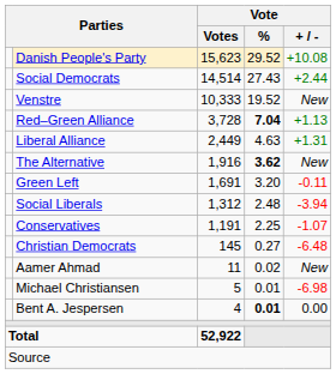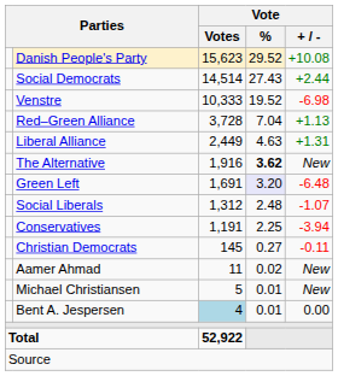 <table class="wikitable" style="text-align:right;">
 <tr>
 <th style="text-align:centre;" rowspan="2" colspan="2" width="225">Parties</th>
 <th colspan="3">Vote</th>
 </tr>
 <tr>
 <th width="15">Votes</th>
 <th width="15">%</th>
 <th width="15">+ / -</th>
 </tr>
 <tr>
 <td width="2" style="color:inherit;background:"></td>
 <td bgcolor=#fef2cc  align="left"><a href='#'>Danish People's Party</a></td>
 <td bgcolor=#fef2cc>15,623</td>
 <td bgcolor=#fef2cc>29.52</td>
 <td style=color:green;>+10.08</td>
 </tr>
 <tr>
 <td width="2" style="color:inherit;background:"></td>
 <td align="left"><a href='#'>Social Democrats</a></td>
 <td>14,514</td>
 <td>27.43</td>
 <td style=color:green;>+2.44</td>
 </tr>
 <tr>
 <td width="2" style="color:inherit;background:"></td>
 <td align="left"><a href='#'>Venstre</a></td>
 <td>10,333</td>
 <td>19.52</td>
-<td><em>New</em></td>
+<td style=color:red;>-6.98</td>
 </tr>
 <tr>
 <td width="2" style="color:inherit;background:"></td>
 <td align="left"><a href='#'>Red–Green Alliance</a></td>
 <td>3,728</td>
-<td><strong>7.04</strong></td>
+<td>7.04</td>
 <td style=color:green;>+1.13</td>
 </tr>
 <tr>
 <td width="2" style="color:inherit;background:"></td>
 <td align="left"><a href='#'>Liberal Alliance</a></td>
 <td>2,449</td>
 <td>4.63</td>
 <td style=color:green;>+1.31</td>
 </tr>
 <tr>
 <td width="2" style="color:inherit;background:"></td>
 <td align="left"><a href='#'>The Alternative</a></td>
 <td>1,916</td>
 <td><strong>3.62</strong></td>
 <td><em>New</em></td>
 </tr>
 <tr>
 <td width="2" style="color:inherit;background:"></td>
 <td align="left"><a href='#'>Green Left</a></td>
 <td>1,691</td>
-<td>3.20</td>
-<td style=color:red;>-0.11</td>
+<td style="background: lavender;">3.20</td>
+<td style=color:red;>-6.48</td>
 </tr>
 <tr>
 <td width="2" style="color:inherit;background:"></td>
 <td align="left"><a href='#'>Social Liberals</a></td>
 <td>1,312</td>
 <td>2.48</td>
-<td style=color:red;>-3.94</td>
+<td style=color:red;>-1.07</td>
 </tr>
 <tr>
 <td width="2" style="color:inherit;background:"></td>
 <td align="left"><a href='#'>Conservatives</a></td>
 <td>1,191</td>
 <td>2.25</td>
-<td style=color:red;>-1.07</td>
+<td style=color:red;>-3.94</td>
 </tr>
 <tr>
 <td width="2" style="color:inherit;background:"></td>
 <td align="left"><a href='#'>Christian Democrats</a></td>
 <td>145</td>
 <td>0.27</td>
-<td style=color:red;>-6.48</td>
+<td style=color:red;>-0.11</td>
 </tr>
 <tr>
 <td width="2" style="color:inherit;background:"></td>
 <td align="left">Aamer Ahmad</td>
 <td>11</td>
 <td>0.02</td>
 <td><em>New</em></td>
 </tr>
 <tr>
 <td width="2" style="color:inherit;background:"></td>
 <td align="left">Michael Christiansen</td>
 <td>5</td>
 <td>0.01</td>
-<td style=color:red;>-6.98</td>
+<td><em>New</em></td>
 </tr>
 <tr>
 <td width="2" style="color:inherit;background:"></td>
 <td align="left">Bent A. Jespersen</td>
-<td>4</td>
-<td><strong>0.01</strong></td>
+<td style="background: lightblue;">4</td>
+<td>0.01</td>
 <td>0.00</td>
 </tr>
 <tr>
 <td colspan="7" bgcolor="#E9E9E9"></td>
 </tr>
 <tr>
 <td align="left" colspan="2"><strong>Total</strong></td>
 <td><strong>52,922</strong></td>
 <td bgcolor="#E9E9E9" colspan="2"></td>
 </tr>
 <tr>
 <td align="left" colspan="6">Source</td>
 </tr>
 </table>
